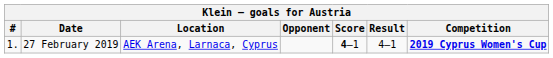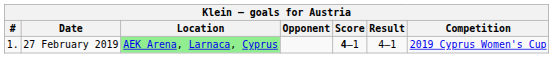 <table class="wikitable">
 <tr>
 <th colspan="7">Klein – goals for Austria</th>
 </tr>
 <tr>
 <th>#</th>
 <th>Date</th>
 <th>Location</th>
 <th>Opponent</th>
 <th>Score</th>
 <th>Result</th>
 <th>Competition</th>
 </tr>
 <tr>
 <td align=center>1.</td>
 <td>27 February 2019</td>
-<td><a href='#'>AEK Arena</a>, <a href='#'>Larnaca</a>, <a href='#'>Cyprus</a></td>
+<td style="background: lightgreen;"><a href='#'>AEK Arena</a>, <a href='#'>Larnaca</a>, <a href='#'>Cyprus</a></td>
 <td></td>
 <td align=center><strong>4</strong>–1</td>
 <td align=center>4–1</td>
-<td><strong><a href='#'>2019 Cyprus Women's Cup</a></strong></td>
+<td><a href='#'>2019 Cyprus Women's Cup</a></td>
 </tr>
 </table>
